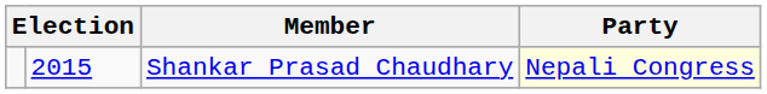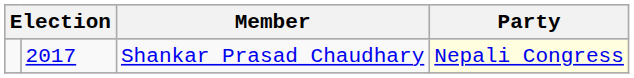 <table class="wikitable">
 <tr>
 <th colspan="2">Election</th>
 <th>Member</th>
 <th>Party</th>
 </tr>
 <tr>
 <td style="background-color:"></td>
-<td><a href='#'>2015</a></td>
+<td><a href='#'>2017</a></td>
 <td><a href='#'>Shankar Prasad Chaudhary</a></td>
 <td style="background: lightyellow;"><a href='#'>Nepali Congress</a></td>
 </tr>
 </table>
